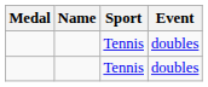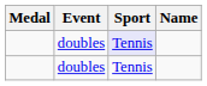 <table class="wikitable sortable" style="font-size:90%">
 <tr>
 <th>Medal</th>
+<th>Event</th>
+<th>Sport</th>
 <th>Name</th>
-<th>Sport</th>
-<th>Event</th>
 </tr>
 <tr>
 <td></td>
+<td><a href='#'>doubles</a></td>
+<td style="background: lavender;"><a href='#'>Tennis</a></td>
 <td> <br></td>
-<td><a href='#'>Tennis</a></td>
-<td><a href='#'>doubles</a></td>
 </tr>
 <tr>
 <td></td>
+<td><a href='#'>doubles</a></td>
+<td><a href='#'>Tennis</a></td>
 <td> <br></td>
-<td><a href='#'>Tennis</a></td>
-<td><a href='#'>doubles</a></td>
 </tr>
 </table>
